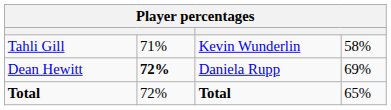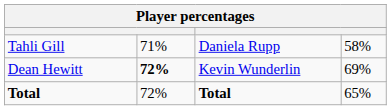 <table class="wikitable">
 <tr>
 <th colspan=4 width=400>Player percentages</th>
 </tr>
 <tr>
 <th colspan=2 width=200 style="white-space:nowrap;"></th>
 <th colspan=2 width=200 style="white-space:nowrap;"></th>
 </tr>
 <tr>
 <td><a href='#'>Tahli Gill</a></td>
 <td>71%</td>
-<td><a href='#'>Kevin Wunderlin</a></td>
+<td><a href='#'>Daniela Rupp</a></td>
 <td>58%</td>
 </tr>
 <tr>
 <td><a href='#'>Dean Hewitt</a></td>
 <td><strong>72%</strong></td>
-<td><a href='#'>Daniela Rupp</a></td>
+<td><a href='#'>Kevin Wunderlin</a></td>
 <td>69%</td>
 </tr>
 <tr>
 <td><strong>Total</strong></td>
 <td>72%</td>
 <td><strong>Total</strong></td>
 <td>65%</td>
 </tr>
 </table>
